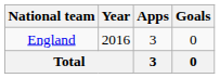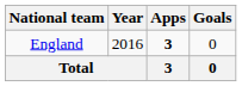 <table class=wikitable style=text-align:center>
 <tr>
 <th>National team</th>
 <th>Year</th>
 <th>Apps</th>
 <th>Goals</th>
 </tr>
 <tr>
 <td><a href='#'>England</a></td>
 <td>2016</td>
-<td>3</td>
+<td><strong>3</strong></td>
 <td>0</td>
 </tr>
 <tr>
 <th colspan=2>Total</th>
 <th>3</th>
 <th>0</th>
 </tr>
 </table>
